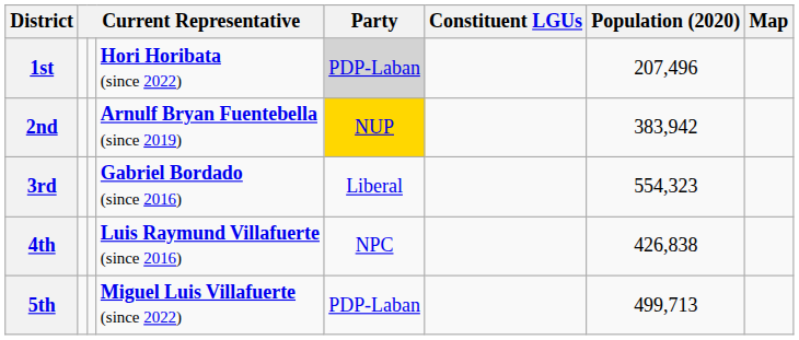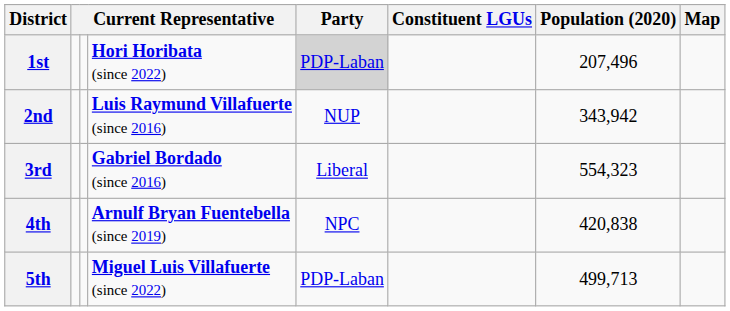 <table class="wikitable sortable" style="margin: 1em auto; font-size:100%; line-height:20px; text-align:center">
 <tr>
 <th>District</th>
 <th colspan="3">Current Representative</th>
 <th>Party</th>
 <th>Constituent <a href='#'>LGUs</a></th>
 <th>Population (2020)</th>
 <th>Map</th>
 </tr>
 <tr>
 <th><a href='#'>1st</a></th>
 <td style="background:"></td>
 <td></td>
 <td style="text-align:left;"><strong><a href='#'>Hori Horibata</a></strong><br><small>(since <a href='#'>2022</a>)</small></td>
 <td style="background: lightgrey;"><a href='#'>PDP-Laban</a></td>
 <td></td>
 <td>207,496</td>
 <td></td>
 </tr>
 <tr>
 <th><a href='#'>2nd</a></th>
 <td style="background:"></td>
 <td></td>
-<td style="text-align:left;"><strong><a href='#'>Arnulf Bryan Fuentebella</a></strong><br><small>(since <a href='#'>2019</a>)</small></td>
-<td style="background: gold;"><a href='#'>NUP</a></td>
+<td style="text-align:left;"><strong><a href='#'>Luis Raymund Villafuerte</a></strong><br><small>(since <a href='#'>2016</a>)</small></td>
+<td><a href='#'>NUP</a></td>
 <td></td>
-<td>383,942</td>
+<td>343,942</td>
 <td></td>
 </tr>
 <tr>
 <th><a href='#'>3rd</a></th>
 <td style="background:"></td>
 <td></td>
 <td style="text-align:left;"><strong><a href='#'>Gabriel Bordado</a></strong><br><small>(since <a href='#'>2016</a>)</small></td>
 <td><a href='#'>Liberal</a></td>
 <td></td>
 <td>554,323</td>
 <td></td>
 </tr>
 <tr>
 <th><a href='#'>4th</a></th>
 <td style="background:"></td>
 <td></td>
-<td style="text-align:left;"><strong><a href='#'>Luis Raymund Villafuerte</a></strong><br><small>(since <a href='#'>2016</a>)</small></td>
+<td style="text-align:left;"><strong><a href='#'>Arnulf Bryan Fuentebella</a></strong><br><small>(since <a href='#'>2019</a>)</small></td>
 <td><a href='#'>NPC</a></td>
 <td></td>
-<td>426,838</td>
+<td>420,838</td>
 <td></td>
 </tr>
 <tr>
 <th><a href='#'>5th</a></th>
 <td style="background:"></td>
 <td></td>
 <td style="text-align:left;"><strong><a href='#'>Miguel Luis Villafuerte</a></strong><br><small>(since <a href='#'>2022</a>)</small></td>
 <td><a href='#'>PDP-Laban</a></td>
 <td></td>
 <td>499,713</td>
 <td></td>
 </tr>
 </table>
